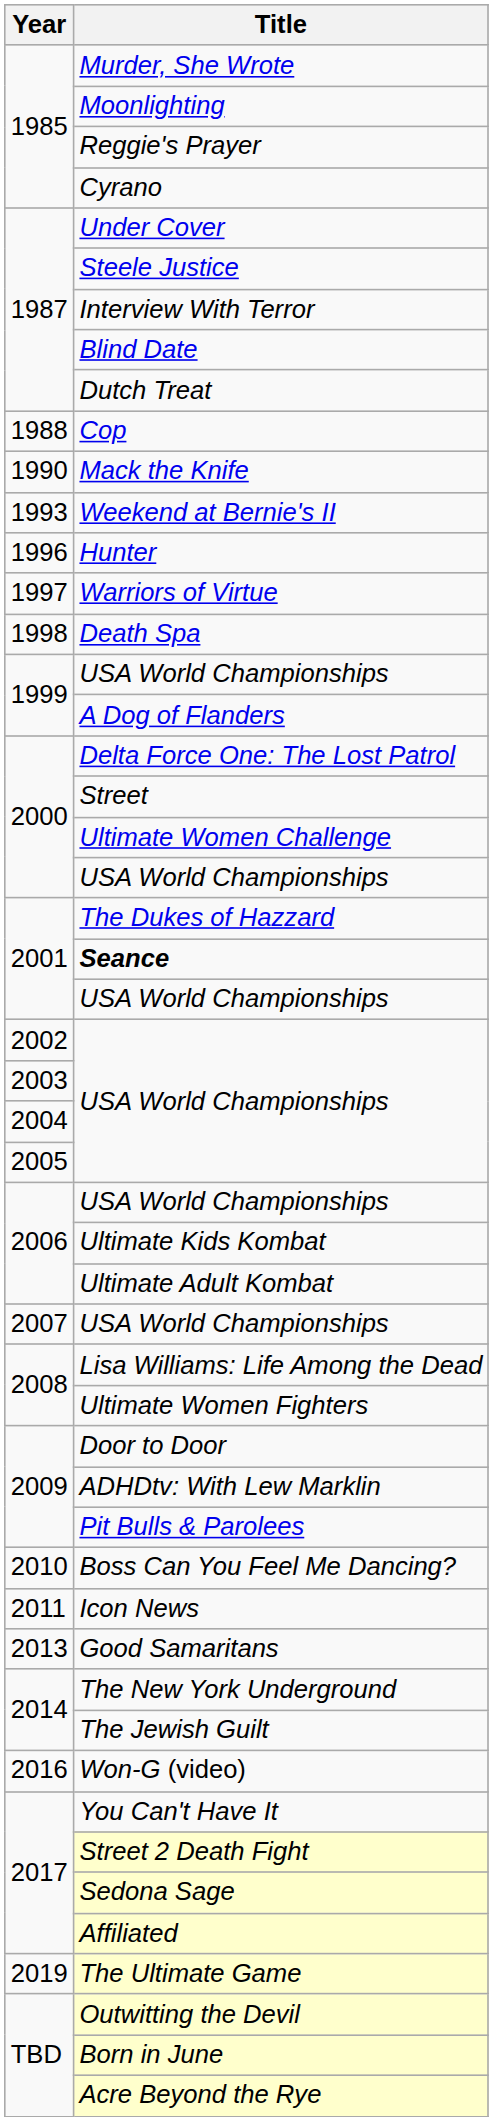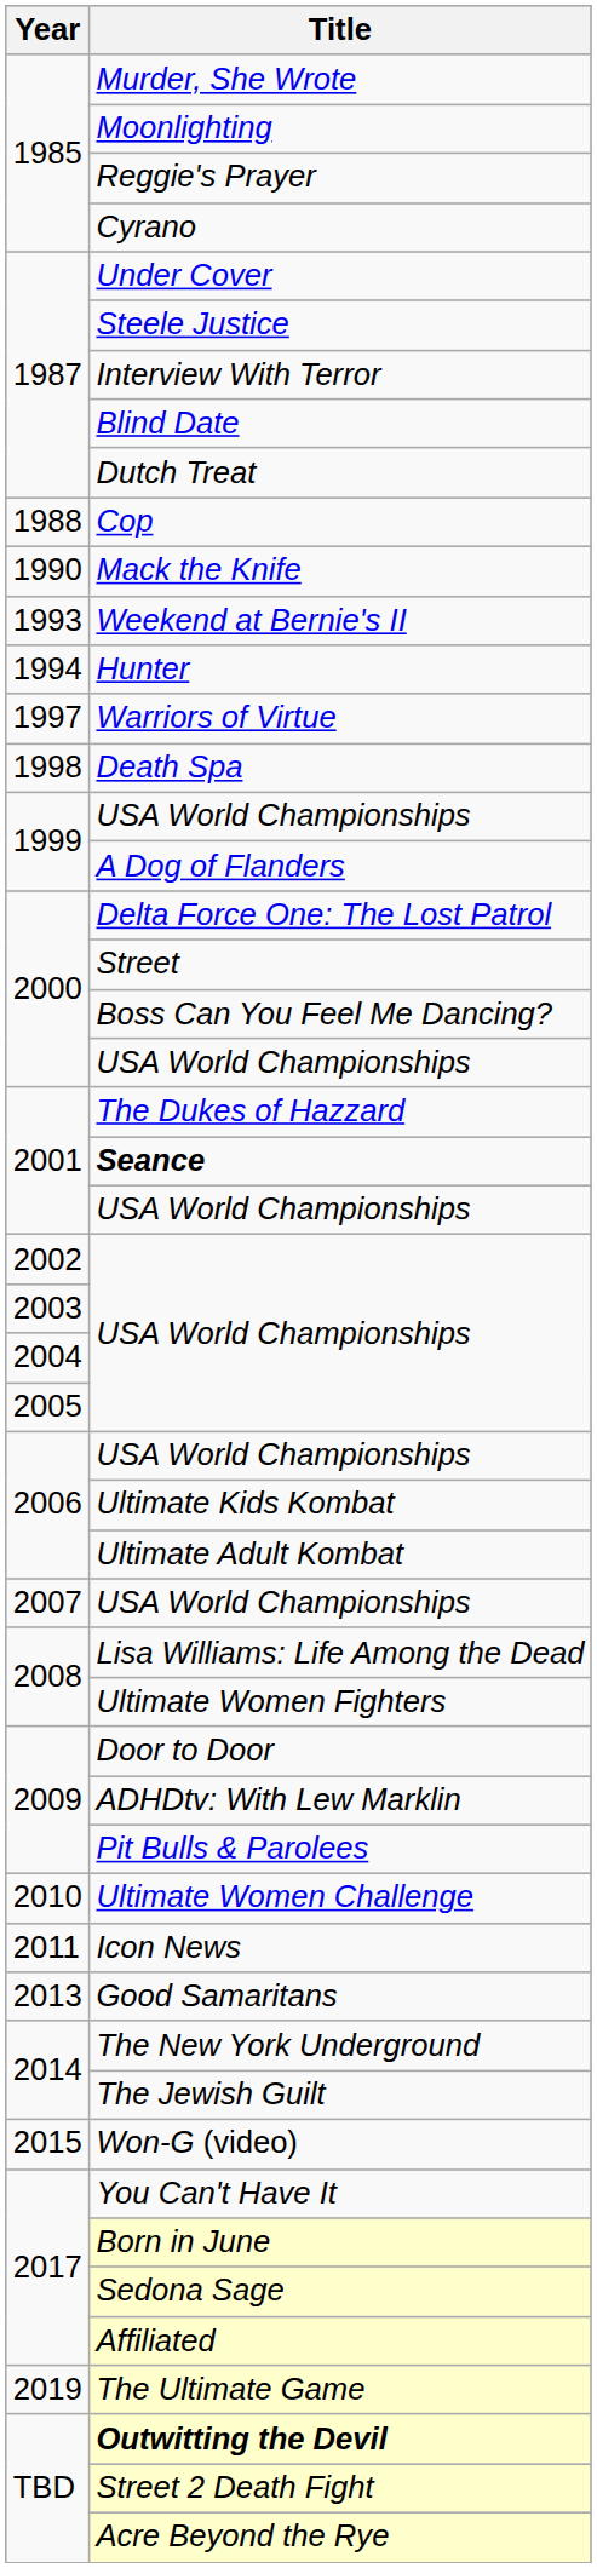 <table class="wikitable">
 <tr>
 <th>Year</th>
 <th>Title</th>
 </tr>
 <tr>
 <td rowspan="4">1985</td>
 <td><em><a href='#'>Murder, She Wrote</a></em></td>
 </tr>
 <tr>
 <td><em><a href='#'>Moonlighting</a></em></td>
 </tr>
 <tr>
 <td><em>Reggie's Prayer</em></td>
 </tr>
 <tr>
 <td><em>Cyrano</em></td>
 </tr>
 <tr>
 <td rowspan="5">1987</td>
 <td><em><a href='#'>Under Cover</a></em></td>
 </tr>
 <tr>
 <td><em><a href='#'>Steele Justice</a></em></td>
 </tr>
 <tr>
 <td><em>Interview With Terror</em></td>
 </tr>
 <tr>
 <td><em><a href='#'>Blind Date</a></em></td>
 </tr>
 <tr>
 <td><em>Dutch Treat</em></td>
 </tr>
 <tr>
 <td>1988</td>
 <td><em><a href='#'>Cop</a></em></td>
 </tr>
 <tr>
 <td>1990</td>
 <td><em><a href='#'>Mack the Knife</a></em></td>
 </tr>
 <tr>
 <td>1993</td>
 <td><em><a href='#'>Weekend at Bernie's II</a></em></td>
 </tr>
 <tr>
-<td>1996</td>
+<td>1994</td>
 <td><em><a href='#'>Hunter</a></em></td>
 </tr>
 <tr>
 <td>1997</td>
 <td><em><a href='#'>Warriors of Virtue</a></em></td>
 </tr>
 <tr>
 <td>1998</td>
 <td><em><a href='#'>Death Spa</a></em></td>
 </tr>
 <tr>
 <td rowspan="2">1999</td>
 <td><em>USA World Championships</em></td>
 </tr>
 <tr>
 <td><em><a href='#'>A Dog of Flanders</a></em></td>
 </tr>
 <tr>
 <td rowspan="4">2000</td>
 <td><em><a href='#'>Delta Force One: The Lost Patrol</a></em></td>
 </tr>
 <tr>
 <td><em>Street</em></td>
 </tr>
 <tr>
-<td><em><a href='#'>Ultimate Women Challenge</a></em></td>
+<td><em>Boss Can You Feel Me Dancing?</em></td>
 </tr>
 <tr>
 <td><em>USA World Championships</em></td>
 </tr>
 <tr>
 <td rowspan="3">2001</td>
 <td><em><a href='#'>The Dukes of Hazzard</a></em></td>
 </tr>
 <tr>
 <td><strong><em>Seance</em></strong></td>
 </tr>
 <tr>
 <td><em>USA World Championships</em></td>
 </tr>
 <tr>
 <td>2002</td>
 <td rowspan="4"><em>USA World Championships</em></td>
 </tr>
 <tr>
 <td>2003</td>
 </tr>
 <tr>
 <td>2004</td>
 </tr>
 <tr>
 <td>2005</td>
 </tr>
 <tr>
 <td rowspan="3">2006</td>
 <td><em>USA World Championships</em></td>
 </tr>
 <tr>
 <td><em>Ultimate Kids Kombat</em></td>
 </tr>
 <tr>
 <td><em>Ultimate Adult Kombat</em></td>
 </tr>
 <tr>
 <td>2007</td>
 <td><em>USA World Championships</em></td>
 </tr>
 <tr>
 <td rowspan="2">2008</td>
 <td><em>Lisa Williams: Life Among the Dead</em></td>
 </tr>
 <tr>
 <td><em>Ultimate Women Fighters</em></td>
 </tr>
 <tr>
 <td rowspan="3">2009</td>
 <td><em>Door to Door</em></td>
 </tr>
 <tr>
 <td><em>ADHDtv: With Lew Marklin</em></td>
 </tr>
 <tr>
 <td><em><a href='#'>Pit Bulls & Parolees</a></em></td>
 </tr>
 <tr>
 <td>2010</td>
-<td><em>Boss Can You Feel Me Dancing?</em></td>
+<td><em><a href='#'>Ultimate Women Challenge</a></em></td>
 </tr>
 <tr>
 <td>2011</td>
 <td><em>Icon News</em></td>
 </tr>
 <tr>
 <td>2013</td>
 <td><em>Good Samaritans</em></td>
 </tr>
 <tr>
 <td rowspan="2">2014</td>
 <td><em>The New York Underground</em></td>
 </tr>
 <tr>
 <td><em>The Jewish Guilt</em></td>
 </tr>
 <tr>
-<td>2016</td>
+<td>2015</td>
 <td><em>Won-G</em> (video)</td>
 </tr>
 <tr>
 <td rowspan="4">2017</td>
 <td><em>You Can't Have It</em></td>
 </tr>
 <tr>
-<td style="background:#FFFFCC;"><em>Street 2 Death Fight</em></td>
+<td style="background:#FFFFCC;"><em>Born in June</em></td>
 </tr>
 <tr>
 <td style="background:#FFFFCC;"><em>Sedona Sage</em></td>
 </tr>
 <tr>
 <td style="background:#FFFFCC;"><em>Affiliated</em></td>
 </tr>
 <tr>
 <td>2019</td>
 <td style="background:#FFFFCC;"><em>The Ultimate Game</em></td>
 </tr>
 <tr>
 <td rowspan="3">TBD</td>
-<td style="background:#FFFFCC;"><em>Outwitting the Devil</em></td>
+<td style="background:#FFFFCC;"><strong><em>Outwitting the Devil</em></strong></td>
 </tr>
 <tr>
-<td style="background:#FFFFCC;"><em>Born in June</em></td>
+<td style="background:#FFFFCC;"><em>Street 2 Death Fight</em></td>
 </tr>
 <tr>
 <td style="background:#FFFFCC;"><em>Acre Beyond the Rye</em></td>
 </tr>
 </table>
